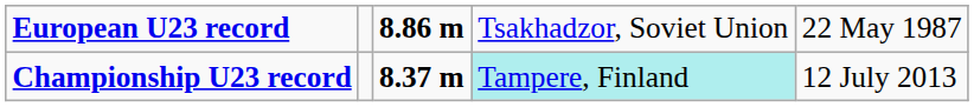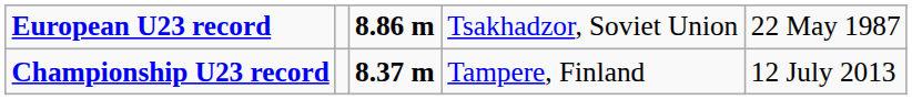 <table class="wikitable">
 <tr>
 <td><strong><a href='#'>European U23 record</a></strong></td>
 <td></td>
 <td><strong>8.86 m</strong></td>
 <td><a href='#'>Tsakhadzor</a>, Soviet Union</td>
 <td>22 May 1987</td>
 </tr>
 <tr>
 <td><strong><a href='#'>Championship U23 record</a></strong></td>
 <td></td>
 <td><strong>8.37 m</strong></td>
-<td style="background: paleturquoise;"><a href='#'>Tampere</a>, Finland</td>
+<td><a href='#'>Tampere</a>, Finland</td>
 <td>12 July 2013</td>
 </tr>
 </table>
